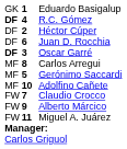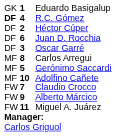 <table style="font-size:90%; margin:0.2em auto;" cellspacing="0" cellpadding="0">
 <tr>
 <th width="25"></th>
 <th width="25"></th>
 </tr>
 <tr>
 <td>GK</td>
 <td><strong>1</strong></td>
 <td> Eduardo Basigalup</td>
 </tr>
 <tr>
 <td><strong>DF</strong></td>
 <td><strong>4</strong></td>
 <td> <a href='#'>R.C. Gómez</a></td>
 </tr>
 <tr>
 <td>DF</td>
 <td><strong>2</strong></td>
 <td> <a href='#'>Héctor Cúper</a></td>
 </tr>
 <tr>
 <td>DF</td>
 <td><strong>6</strong></td>
 <td> <a href='#'>Juan D. Rocchia</a></td>
 </tr>
 <tr>
-<td><strong>DF</strong></td>
+<td>DF</td>
 <td><strong>3</strong></td>
 <td> <a href='#'>Oscar Garré</a></td>
 </tr>
 <tr>
 <td>MF</td>
 <td><strong>8</strong></td>
 <td> Carlos Arregui</td>
 </tr>
 <tr>
 <td>MF</td>
 <td><strong>5</strong></td>
 <td> <a href='#'>Gerónimo Saccardi</a></td>
 </tr>
 <tr>
 <td>MF</td>
 <td><strong>10</strong></td>
 <td> <a href='#'>Adolfino Cañete</a></td>
 </tr>
 <tr>
 <td>FW</td>
 <td><strong>7</strong></td>
 <td> <a href='#'>Claudio Crocco</a></td>
 </tr>
 <tr>
 <td>FW</td>
 <td><strong>9</strong></td>
 <td> <a href='#'>Alberto Márcico</a></td>
 </tr>
 <tr>
 <td>FW</td>
 <td><strong>11</strong></td>
 <td> Miguel A. Juárez</td>
 </tr>
 <tr>
 <td colspan=3><strong>Manager:</strong></td>
 </tr>
 <tr>
 <td colspan=4> <a href='#'>Carlos Griguol</a></td>
 </tr>
 </table>
